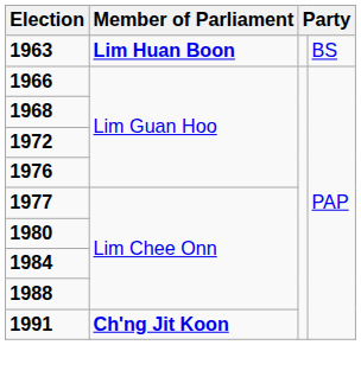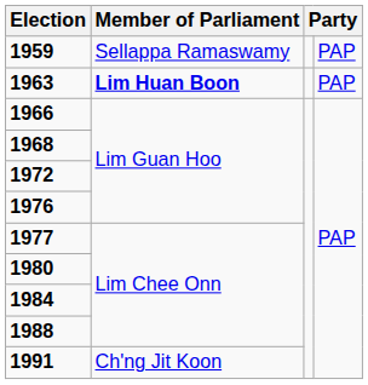 <table class="wikitable">
 <tr>
 <th>Election</th>
 <th>Member of Parliament</th>
 <th colspan="2">Party</th>
 </tr>
 <tr>
+<td><strong>1959</strong></td>
+<td><a href='#'>Sellappa Ramaswamy</a></td>
+<td></td>
+<td><a href='#'>PAP</a></td>
+</tr>
+<tr>
 <td><strong>1963</strong></td>
 <td><strong><a href='#'>Lim Huan Boon</a></strong></td>
 <td></td>
-<td><a href='#'>BS</a></td>
+<td><a href='#'>PAP</a></td>
 </tr>
 <tr>
 <td><strong>1966</strong></td>
 <td rowspan="4"><a href='#'>Lim Guan Hoo</a></td>
 <td rowspan="9"></td>
 <td rowspan="9"><a href='#'>PAP</a></td>
 </tr>
 <tr>
 <td><strong>1968</strong></td>
 </tr>
 <tr>
 <td><strong>1972</strong></td>
 </tr>
 <tr>
 <td><strong>1976</strong></td>
 </tr>
 <tr>
 <td><strong>1977</strong></td>
 <td rowspan="4"><a href='#'>Lim Chee Onn</a></td>
 </tr>
 <tr>
 <td><strong>1980</strong></td>
 </tr>
 <tr>
 <td><strong>1984</strong></td>
 </tr>
 <tr>
 <td><strong>1988</strong></td>
 </tr>
 <tr>
 <td><strong>1991</strong></td>
-<td><strong><a href='#'>Ch'ng Jit Koon</a></strong></td>
+<td><a href='#'>Ch'ng Jit Koon</a></td>
 </tr>
 </table>
